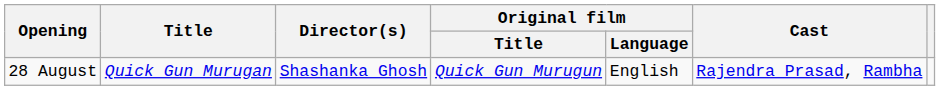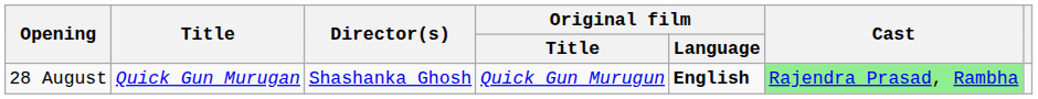 <table class="wikitable sortable">
 <tr>
 <th scope="col" rowspan="2">Opening</th>
 <th scope="col" rowspan="2">Title</th>
 <th scope="col" rowspan="2">Director(s)</th>
 <th scope="col" colspan="2">Original film</th>
 <th scope="col" rowspan="2">Cast</th>
 <th scope="col" rowspan="2" class="unsortable"></th>
 </tr>
 <tr>
 <th scope="col">Title</th>
 <th scope="col">Language</th>
 </tr>
 <tr>
 <td>28 August</td>
 <td><em><a href='#'>Quick Gun Murugan</a></em></td>
 <td><a href='#'>Shashanka Ghosh</a></td>
 <td><em><a href='#'>Quick Gun Murugun</a></em></td>
-<td>English</td>
-<td><a href='#'>Rajendra Prasad</a>, <a href='#'>Rambha</a></td>
+<td><strong>English</strong></td>
+<td style="background: lightgreen;"><a href='#'>Rajendra Prasad</a>, <a href='#'>Rambha</a></td>
 <td></td>
 </tr>
 </table>
